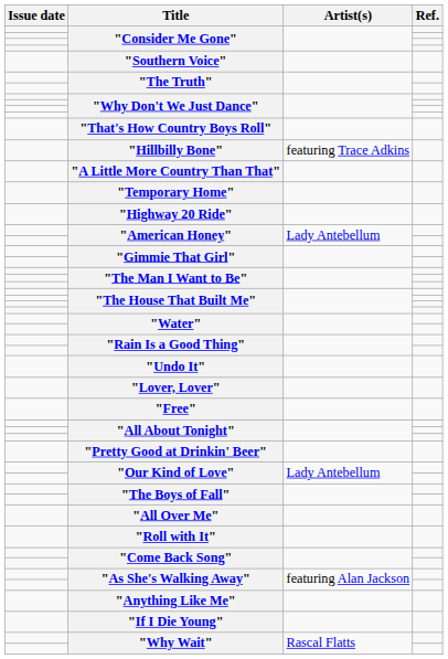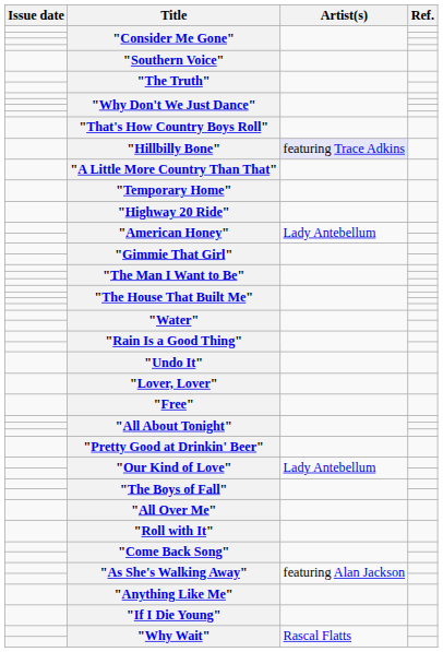 <table class="wikitable sortable plainrowheaders">
 <tr>
 <th scope=col>Issue date</th>
 <th scope=col>Title</th>
 <th scope=col>Artist(s)</th>
 <th scope=col class=unsortable>Ref.</th>
 </tr>
 <tr>
 <td></td>
 <th scope=row rowspan="4">"<a href='#'>Consider Me Gone</a>"</th>
 <td rowspan="4"></td>
 <td align=center></td>
 </tr>
 <tr>
 <td></td>
 <td align=center></td>
 </tr>
 <tr>
 <td></td>
 <td align=center></td>
 </tr>
 <tr>
 <td></td>
 <td align=center></td>
 </tr>
 <tr>
 <td></td>
 <th scope="row">"<a href='#'>Southern Voice</a>"</th>
 <td></td>
 <td align=center></td>
 </tr>
 <tr>
 <td></td>
 <th scope=row rowspan="2">"<a href='#'>The Truth</a>"</th>
 <td rowspan="2"></td>
 <td align=center></td>
 </tr>
 <tr>
 <td></td>
 <td align=center></td>
 </tr>
 <tr>
 <td></td>
 <th scope=row rowspan="4">"<a href='#'>Why Don't We Just Dance</a>"</th>
 <td rowspan="4"></td>
 <td align=center></td>
 </tr>
 <tr>
 <td></td>
 <td align=center></td>
 </tr>
 <tr>
 <td></td>
 <td align=center></td>
 </tr>
 <tr>
 <td></td>
 <td align=center></td>
 </tr>
 <tr>
 <td></td>
 <th scope=row>"<a href='#'>That's How Country Boys Roll</a>"</th>
 <td></td>
 <td align=center></td>
 </tr>
 <tr>
 <td></td>
 <th scope=row>"<a href='#'>Hillbilly Bone</a>"</th>
-<td> featuring <a href='#'>Trace Adkins</a></td>
+<td style="background: lavender;"> featuring <a href='#'>Trace Adkins</a></td>
 <td align=center></td>
 </tr>
 <tr>
 <td></td>
 <th scope=row>"<a href='#'>A Little More Country Than That</a>"</th>
 <td></td>
 <td align=center></td>
 </tr>
 <tr>
 <td></td>
 <th scope=row>"<a href='#'>Temporary Home</a>"</th>
 <td></td>
 <td align=center></td>
 </tr>
 <tr>
 <td></td>
 <th scope=row>"<a href='#'>Highway 20 Ride</a>"</th>
 <td></td>
 <td align=center></td>
 </tr>
 <tr>
 <td></td>
 <th scope=row rowspan="2">"<a href='#'>American Honey</a>"</th>
 <td rowspan="2"><a href='#'>Lady Antebellum</a></td>
 <td align=center></td>
 </tr>
 <tr>
 <td></td>
 <td align=center></td>
 </tr>
 <tr>
 <td></td>
 <th scope=row rowspan="2">"<a href='#'>Gimmie That Girl</a>"</th>
 <td rowspan="2"></td>
 <td align=center></td>
 </tr>
 <tr>
 <td></td>
 <td align=center></td>
 </tr>
 <tr>
 <td></td>
 <th scope=row rowspan="3">"<a href='#'>The Man I Want to Be</a>"</th>
 <td rowspan="3"></td>
 <td align=center></td>
 </tr>
 <tr>
 <td></td>
 <td align=center></td>
 </tr>
 <tr>
 <td></td>
 <td align=center></td>
 </tr>
 <tr>
 <td></td>
 <th scope=row rowspan="4">"<a href='#'>The House That Built Me</a>"</th>
 <td rowspan="4"></td>
 <td align=center></td>
 </tr>
 <tr>
 <td></td>
 <td align=center></td>
 </tr>
 <tr>
 <td></td>
 <td align=center></td>
 </tr>
 <tr>
 <td></td>
 <td align=center></td>
 </tr>
 <tr>
 <td></td>
 <th scope=row rowspan="2">"<a href='#'>Water</a>"</th>
 <td rowspan="2"></td>
 <td align=center></td>
 </tr>
 <tr>
 <td></td>
 <td align=center></td>
 </tr>
 <tr>
 <td></td>
 <th scope=row rowspan="2">"<a href='#'>Rain Is a Good Thing</a>"</th>
 <td rowspan="2"></td>
 <td align=center></td>
 </tr>
 <tr>
 <td></td>
 <td align=center></td>
 </tr>
 <tr>
 <td></td>
 <th scope=row rowspan="1">"<a href='#'>Undo It</a>"</th>
 <td rowspan="1"></td>
 <td align=center></td>
 </tr>
 <tr>
 <td></td>
 <th scope=row rowspan="1">"<a href='#'>Lover, Lover</a>"</th>
 <td rowspan="1"></td>
 <td align=center></td>
 </tr>
 <tr>
 <td></td>
 <th scope=row rowspan="1">"<a href='#'>Free</a>"</th>
 <td rowspan="1"></td>
 <td align=center></td>
 </tr>
 <tr>
 <td></td>
 <th scope=row rowspan="3">"<a href='#'>All About Tonight</a>"</th>
 <td rowspan="3"></td>
 <td align=center></td>
 </tr>
 <tr>
 <td></td>
 <td align=center></td>
 </tr>
 <tr>
 <td></td>
 <td align=center></td>
 </tr>
 <tr>
 <td></td>
 <th scope=row rowspan="1">"<a href='#'>Pretty Good at Drinkin' Beer</a>"</th>
 <td rowspan="1"></td>
 <td align=center></td>
 </tr>
 <tr>
 <td></td>
 <th scope=row rowspan="2">"<a href='#'>Our Kind of Love</a>"</th>
 <td rowspan="2"><a href='#'>Lady Antebellum</a></td>
 <td align=center></td>
 </tr>
 <tr>
 <td></td>
 <td align=center></td>
 </tr>
 <tr>
 <td></td>
 <th scope=row rowspan="2">"<a href='#'>The Boys of Fall</a>"</th>
 <td rowspan="2"></td>
 <td align=center></td>
 </tr>
 <tr>
 <td></td>
 <td align=center></td>
 </tr>
 <tr>
 <td></td>
 <th scope=row>"<a href='#'>All Over Me</a>"</th>
 <td></td>
 <td align=center></td>
 </tr>
 <tr>
 <td></td>
 <th scope=row>"<a href='#'>Roll with It</a>"</th>
 <td></td>
 <td align=center></td>
 </tr>
 <tr>
 <td></td>
 <th scope=row rowspan="2">"<a href='#'>Come Back Song</a>"</th>
 <td rowspan="2"></td>
 <td align=center></td>
 </tr>
 <tr>
 <td></td>
 <td align=center></td>
 </tr>
 <tr>
 <td></td>
 <th scope=row rowspan="2">"<a href='#'>As She's Walking Away</a>"</th>
 <td rowspan="2"> featuring <a href='#'>Alan Jackson</a></td>
 <td align=center></td>
 </tr>
 <tr>
 <td></td>
 <td align=center></td>
 </tr>
 <tr>
 <td></td>
 <th scope=row>"<a href='#'>Anything Like Me</a>"</th>
 <td></td>
 <td align=center></td>
 </tr>
 <tr>
 <td></td>
 <th scope=row>"<a href='#'>If I Die Young</a>"</th>
 <td></td>
 <td align="center"></td>
 </tr>
 <tr>
 <td></td>
 <th scope=row rowspan="2">"<a href='#'>Why Wait</a>"</th>
 <td rowspan="2"><a href='#'>Rascal Flatts</a></td>
 <td align="center"></td>
 </tr>
 <tr>
 <td></td>
 <td align="center"></td>
 </tr>
 </table>
